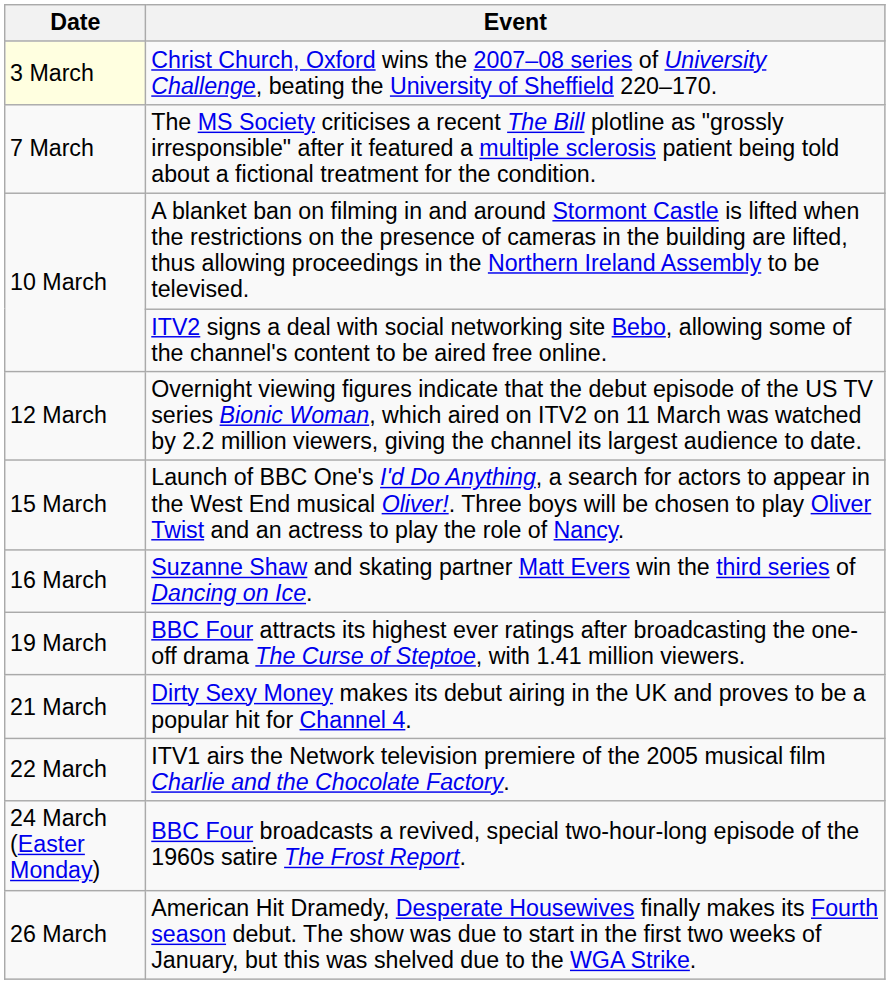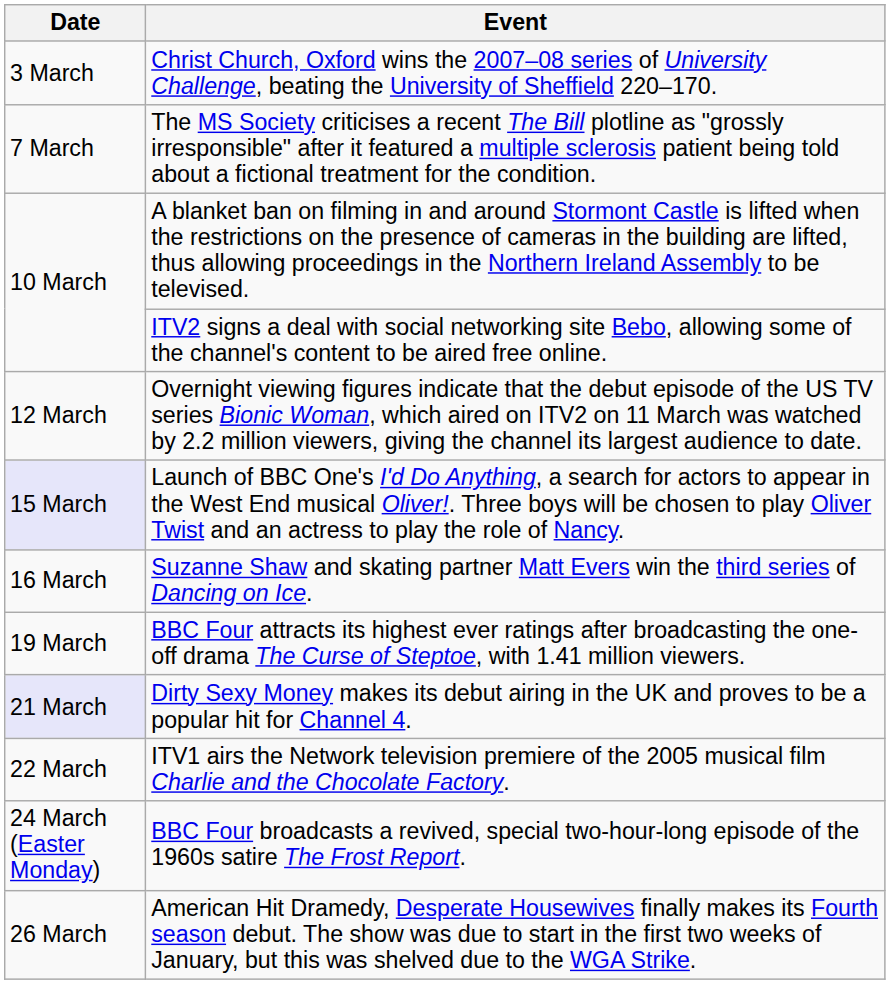 <table class="wikitable">
 <tr>
 <th width=90>Date</th>
 <th>Event</th>
 </tr>
 <tr>
-<td style="background: lightyellow;">3 March</td>
+<td>3 March</td>
 <td><a href='#'>Christ Church, Oxford</a> wins the <a href='#'>2007–08 series</a> of <em><a href='#'>University Challenge</a></em>, beating the <a href='#'>University of Sheffield</a> 220–170.</td>
 </tr>
 <tr>
 <td>7 March</td>
 <td>The <a href='#'>MS Society</a> criticises a recent <em><a href='#'>The Bill</a></em> plotline as "grossly irresponsible" after it featured a <a href='#'>multiple sclerosis</a> patient being told about a fictional treatment for the condition.</td>
 </tr>
 <tr>
 <td rowspan=2>10 March</td>
 <td>A blanket ban on filming in and around <a href='#'>Stormont Castle</a> is lifted when the restrictions on the presence of cameras in the building are lifted, thus allowing proceedings in the <a href='#'>Northern Ireland Assembly</a> to be televised.</td>
 </tr>
 <tr>
 <td><a href='#'>ITV2</a> signs a deal with social networking site <a href='#'>Bebo</a>, allowing some of the channel's content to be aired free online.</td>
 </tr>
 <tr>
 <td>12 March</td>
 <td>Overnight viewing figures indicate that the debut episode of the US TV series <em><a href='#'>Bionic Woman</a></em>, which aired on ITV2 on 11 March was watched by 2.2 million viewers, giving the channel its largest audience to date.</td>
 </tr>
 <tr>
-<td>15 March</td>
+<td style="background: lavender;">15 March</td>
 <td>Launch of BBC One's <em><a href='#'>I'd Do Anything</a></em>, a search for actors to appear in the West End musical <em><a href='#'>Oliver!</a></em>. Three boys will be chosen to play <a href='#'>Oliver Twist</a> and an actress to play the role of <a href='#'>Nancy</a>.</td>
 </tr>
 <tr>
 <td>16 March</td>
 <td><a href='#'>Suzanne Shaw</a> and skating partner <a href='#'>Matt Evers</a> win the <a href='#'>third series</a> of <em><a href='#'>Dancing on Ice</a></em>.</td>
 </tr>
 <tr>
 <td>19 March</td>
 <td><a href='#'>BBC Four</a> attracts its highest ever ratings after broadcasting the one-off drama <em><a href='#'>The Curse of Steptoe</a></em>, with 1.41 million viewers.</td>
 </tr>
 <tr>
-<td>21 March</td>
+<td style="background: lavender;">21 March</td>
 <td><a href='#'>Dirty Sexy Money</a> makes its debut airing in the UK and proves to be a popular hit for <a href='#'>Channel 4</a>.</td>
 </tr>
 <tr>
 <td>22 March</td>
 <td>ITV1 airs the Network television premiere of the 2005 musical film <em><a href='#'>Charlie and the Chocolate Factory</a></em>.</td>
 </tr>
 <tr>
 <td>24 March<br>(<a href='#'>Easter Monday</a>)</td>
 <td><a href='#'>BBC Four</a> broadcasts a revived, special two-hour-long episode of the 1960s satire <em><a href='#'>The Frost Report</a></em>.</td>
 </tr>
 <tr>
 <td>26 March</td>
 <td>American Hit Dramedy, <a href='#'>Desperate Housewives</a> finally makes its <a href='#'>Fourth season</a> debut. The show was due to start in the first two weeks of January, but this was shelved due to the <a href='#'>WGA Strike</a>.</td>
 </tr>
 </table>
